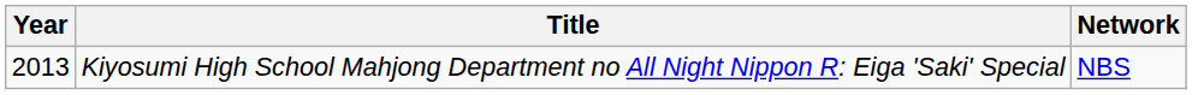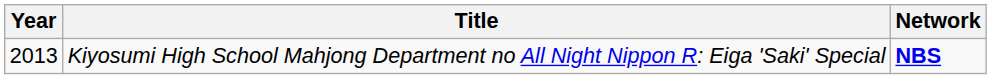 <table class="wikitable">
 <tr>
 <th>Year</th>
 <th>Title</th>
 <th>Network</th>
 </tr>
 <tr>
 <td>2013</td>
 <td><em>Kiyosumi High School Mahjong Department no <a href='#'>All Night Nippon R</a>: Eiga 'Saki' Special</em></td>
-<td><a href='#'>NBS</a></td>
+<td><strong><a href='#'>NBS</a></strong></td>
 </tr>
 </table>
